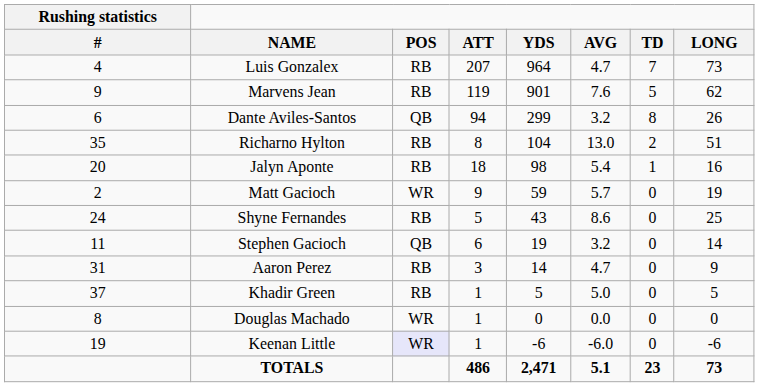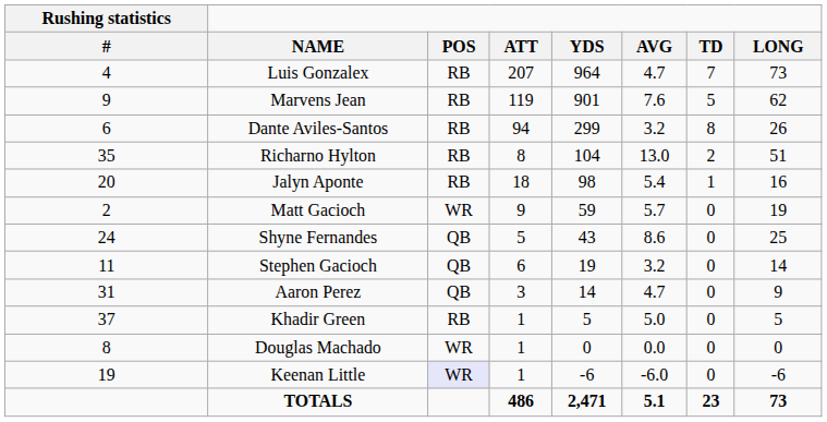 <table style="width:60%; text-align:center;" class="wikitable collapsible collapsed">
 <tr>
 <th style="text-align:center; ">Rushing statistics</th>
 </tr>
 <tr>
 <th>#</th>
 <th>NAME</th>
 <th>POS</th>
 <th>ATT</th>
 <th>YDS</th>
 <th>AVG</th>
 <th>TD</th>
 <th>LONG</th>
 </tr>
 <tr>
 <td>4</td>
 <td>Luis Gonzalex</td>
 <td>RB</td>
 <td>207</td>
 <td>964</td>
 <td>4.7</td>
 <td>7</td>
 <td>73</td>
 </tr>
 <tr>
 <td>9</td>
 <td>Marvens Jean</td>
 <td>RB</td>
 <td>119</td>
 <td>901</td>
 <td>7.6</td>
 <td>5</td>
 <td>62</td>
 </tr>
 <tr>
 <td>6</td>
 <td>Dante Aviles-Santos</td>
-<td>QB</td>
+<td>RB</td>
 <td>94</td>
 <td>299</td>
 <td>3.2</td>
 <td>8</td>
 <td>26</td>
 </tr>
 <tr>
 <td>35</td>
 <td>Richarno Hylton</td>
 <td>RB</td>
 <td>8</td>
 <td>104</td>
 <td>13.0</td>
 <td>2</td>
 <td>51</td>
 </tr>
 <tr>
 <td>20</td>
 <td>Jalyn Aponte</td>
 <td>RB</td>
 <td>18</td>
 <td>98</td>
 <td>5.4</td>
 <td>1</td>
 <td>16</td>
 </tr>
 <tr>
 <td>2</td>
 <td>Matt Gacioch</td>
 <td>WR</td>
 <td>9</td>
 <td>59</td>
 <td>5.7</td>
 <td>0</td>
 <td>19</td>
 </tr>
 <tr>
 <td>24</td>
 <td>Shyne Fernandes</td>
-<td>RB</td>
+<td>QB</td>
 <td>5</td>
 <td>43</td>
 <td>8.6</td>
 <td>0</td>
 <td>25</td>
 </tr>
 <tr>
 <td>11</td>
 <td>Stephen Gacioch</td>
 <td>QB</td>
 <td>6</td>
 <td>19</td>
 <td>3.2</td>
 <td>0</td>
 <td>14</td>
 </tr>
 <tr>
 <td>31</td>
 <td>Aaron Perez</td>
-<td>RB</td>
+<td>QB</td>
 <td>3</td>
 <td>14</td>
 <td>4.7</td>
 <td>0</td>
 <td>9</td>
 </tr>
 <tr>
 <td>37</td>
 <td>Khadir Green</td>
 <td>RB</td>
 <td>1</td>
 <td>5</td>
 <td>5.0</td>
 <td>0</td>
 <td>5</td>
 </tr>
 <tr>
 <td>8</td>
 <td>Douglas Machado</td>
 <td>WR</td>
 <td>1</td>
 <td>0</td>
 <td>0.0</td>
 <td>0</td>
 <td>0</td>
 </tr>
 <tr>
 <td>19</td>
 <td>Keenan Little</td>
 <td style="background: lavender;">WR</td>
 <td>1</td>
 <td>-6</td>
 <td>-6.0</td>
 <td>0</td>
 <td>-6</td>
 </tr>
 <tr>
 <td></td>
 <td><strong>TOTALS</strong></td>
 <td></td>
 <td><strong>486</strong></td>
 <td><strong>2,471</strong></td>
 <td><strong>5.1</strong></td>
 <td><strong>23</strong></td>
 <td><strong>73</strong></td>
 </tr>
 </table>
